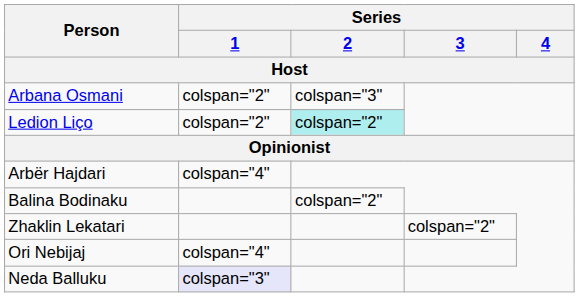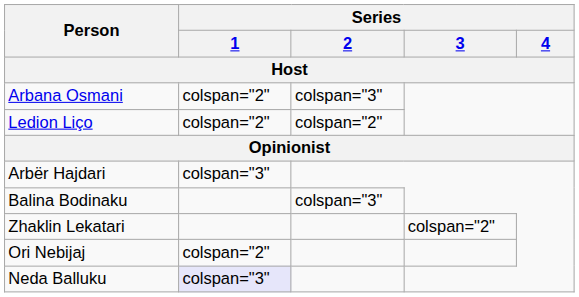 <table class="wikitable" style="width:35%">
 <tr>
 <th rowspan="2" style="width:135px">Person</th>
 <th colspan="4">Series</th>
 </tr>
 <tr>
 <th style="width:40px"><a href='#'>1</a></th>
 <th style="width:40px"><a href='#'>2</a></th>
 <th style="width:40px"><a href='#'>3</a></th>
 <th style="width:40px"><a href='#'>4</a></th>
 </tr>
 <tr>
 <th colspan="5">Host</th>
 </tr>
 <tr>
 <td><a href='#'>Arbana Osmani</a></td>
 <td>colspan="2" </td>
 <td>colspan="3" </td>
 </tr>
 <tr>
 <td><a href='#'>Ledion Liço</a></td>
 <td>colspan="2" </td>
-<td style="background: paleturquoise;">colspan="2" </td>
+<td>colspan="2" </td>
 </tr>
 <tr>
 <th colspan="5">Opinionist</th>
 </tr>
 <tr>
 <td>Arbër Hajdari</td>
-<td>colspan="4" </td>
+<td>colspan="3" </td>
 </tr>
 <tr>
 <td>Balina Bodinaku</td>
 <td></td>
-<td>colspan="2" </td>
+<td>colspan="3" </td>
 </tr>
 <tr>
 <td>Zhaklin Lekatari</td>
 <td></td>
 <td></td>
 <td>colspan="2" </td>
 </tr>
 <tr>
 <td>Ori Nebijaj</td>
-<td>colspan="4" </td>
+<td>colspan="2" </td>
 <td></td>
 <td></td>
 </tr>
 <tr>
 <td>Neda Balluku</td>
 <td style="background: lavender;">colspan="3" </td>
 <td></td>
 </tr>
 </table>
